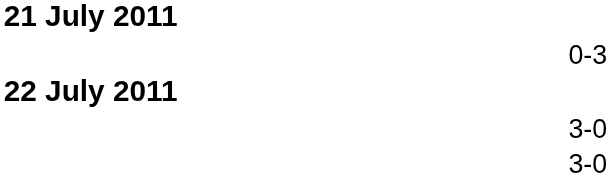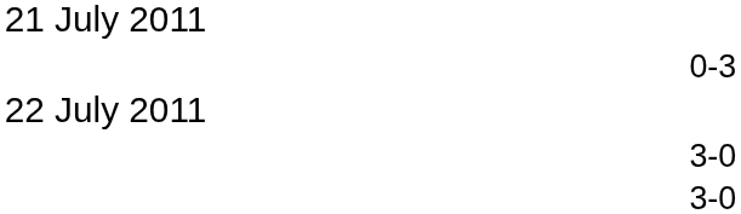 <table style="width:50%;" cellspacing="1">
 <tr>
 <th width=15%></th>
 <th width=10%></th>
 <th width=15%></th>
 </tr>
 <tr>
-<td><strong>21 July 2011</strong></td>
+<td>21 July 2011</td>
 </tr>
 <tr style=font-size:90%>
 <td align=right></td>
 <td align=center>0-3</td>
 <td></td>
 </tr>
 <tr>
-<td><strong>22 July 2011</strong></td>
+<td>22 July 2011</td>
 </tr>
 <tr style=font-size:90%>
 <td align=right></td>
 <td align=center>3-0</td>
 <td></td>
 </tr>
 <tr style=font-size:90%>
 <td align=right></td>
 <td align=center>3-0</td>
 <td></td>
 </tr>
 </table>
